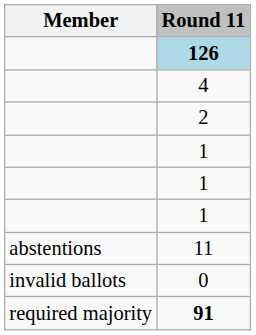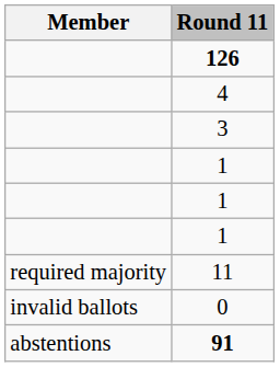 <table class="wikitable collapsible">
 <tr>
 <th>Member</th>
 <td style="background:silver;"><strong>Round 11</strong></td>
 </tr>
 <tr>
 <td></td>
-<td style="background: lightblue; text-align:center;"><strong>126</strong></td>
+<td style="text-align:center;"><strong>126</strong></td>
 </tr>
 <tr>
 <td></td>
 <td style="text-align:center;">4</td>
 </tr>
 <tr>
 <td></td>
-<td style="text-align:center;">2</td>
+<td style="text-align:center;">3</td>
 </tr>
 <tr>
 <td></td>
 <td style="text-align:center;">1</td>
 </tr>
 <tr>
 <td></td>
 <td style="text-align:center;">1</td>
 </tr>
 <tr>
 <td></td>
 <td style="text-align:center;">1</td>
 </tr>
 <tr>
-<td>abstentions</td>
+<td>required majority</td>
 <td style="text-align:center;">11</td>
 </tr>
 <tr>
 <td>invalid ballots</td>
 <td style="text-align:center;">0</td>
 </tr>
 <tr>
-<td>required majority</td>
+<td>abstentions</td>
 <td style="text-align:center;"><strong>91</strong></td>
 </tr>
 </table>
